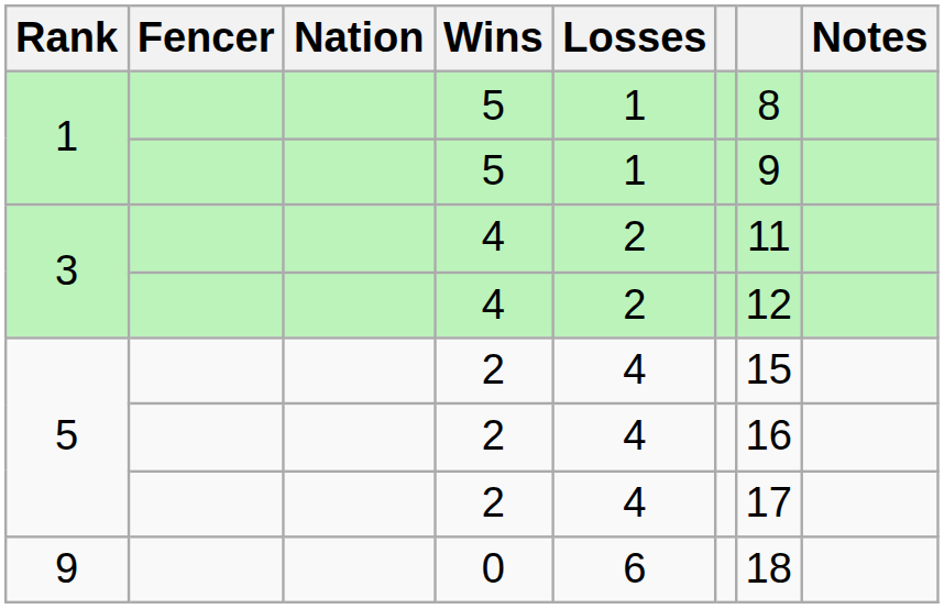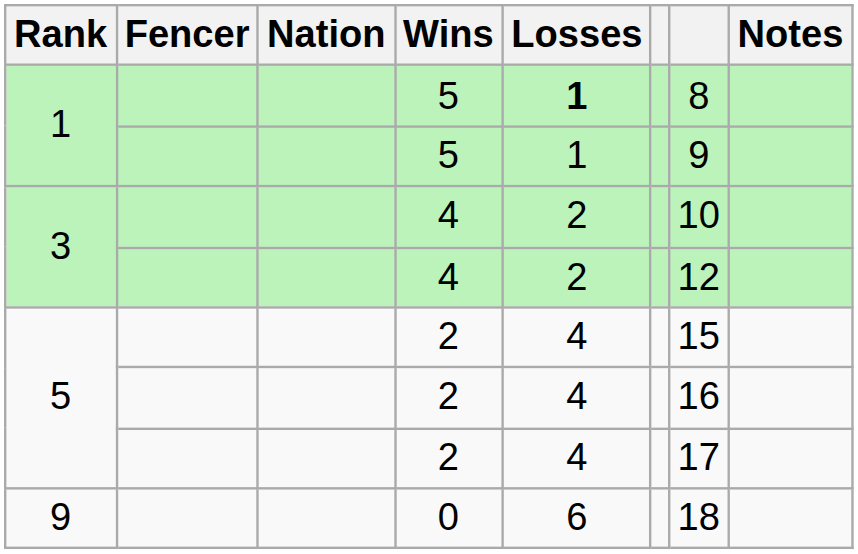 <table class="wikitable sortable" style="text-align: center;">
 <tr>
 <th>Rank</th>
 <th>Fencer</th>
 <th>Nation</th>
 <th>Wins</th>
 <th>Losses</th>
 <th></th>
 <th></th>
 <th>Notes</th>
 </tr>
 <tr style="background:#bbf3bb;">
 <td rowspan=2>1</td>
 <td align=left></td>
 <td align=left></td>
 <td>5</td>
-<td>1</td>
+<td><strong>1</strong></td>
 <td></td>
 <td>8</td>
 <td></td>
 </tr>
 <tr style="background:#bbf3bb;">
 <td align=left></td>
 <td align=left></td>
 <td>5</td>
 <td>1</td>
 <td></td>
 <td>9</td>
 <td></td>
 </tr>
 <tr style="background:#bbf3bb;">
 <td rowspan=2>3</td>
 <td align=left></td>
 <td align=left></td>
 <td>4</td>
 <td>2</td>
 <td></td>
-<td>11</td>
+<td>10</td>
 <td></td>
 </tr>
 <tr style="background:#bbf3bb;">
 <td align=left></td>
 <td align=left></td>
 <td>4</td>
 <td>2</td>
 <td></td>
 <td>12</td>
 <td></td>
 </tr>
 <tr>
 <td rowspan=3>5</td>
 <td align=left></td>
 <td align=left></td>
 <td>2</td>
 <td>4</td>
 <td></td>
 <td>15</td>
 <td></td>
 </tr>
 <tr>
 <td align=left></td>
 <td align=left></td>
 <td>2</td>
 <td>4</td>
 <td></td>
 <td>16</td>
 <td></td>
 </tr>
 <tr>
 <td align=left></td>
 <td align=left></td>
 <td>2</td>
 <td>4</td>
 <td></td>
 <td>17</td>
 <td></td>
 </tr>
 <tr>
 <td>9</td>
 <td align=left></td>
 <td align=left></td>
 <td>0</td>
 <td>6</td>
 <td></td>
 <td>18</td>
 <td></td>
 </tr>
 </table>
